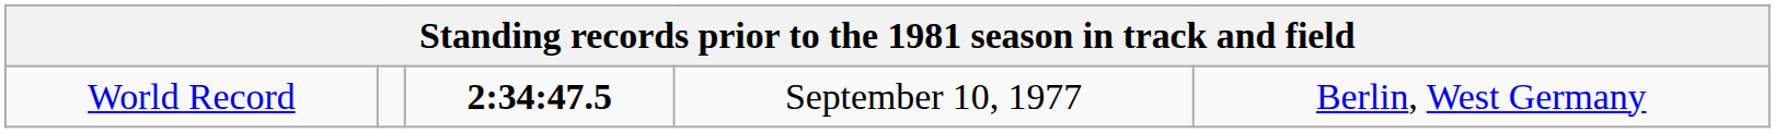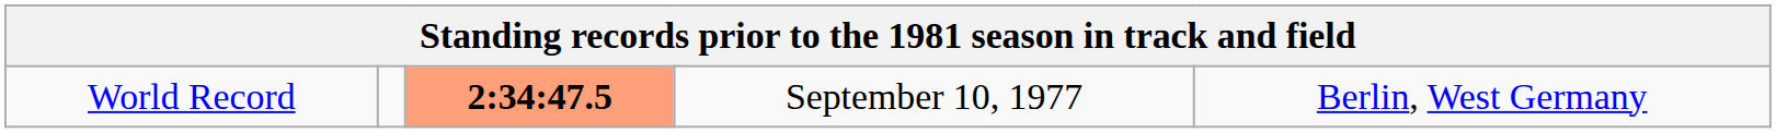 <table class="wikitable" style=" text-align:center; font-size:110%;" width="95%">
 <tr>
 <th colspan="5">Standing records prior to the 1981 season in track and field</th>
 </tr>
 <tr>
 <td><a href='#'>World Record</a></td>
 <td></td>
-<td><strong>2:34:47.5</strong></td>
+<td style="background: lightsalmon;"><strong>2:34:47.5</strong></td>
 <td>September 10, 1977</td>
 <td> <a href='#'>Berlin</a>, <a href='#'>West Germany</a></td>
 </tr>
 </table>
